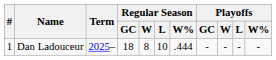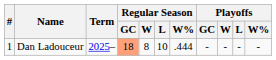 <table class="wikitable" style="text-align:center">
 <tr>
 <th rowspan="2">#</th>
 <th rowspan="2">Name</th>
 <th rowspan="2">Term</th>
 <th colspan="4">Regular Season</th>
 <th colspan="4">Playoffs</th>
 </tr>
 <tr>
 <th>GC</th>
 <th>W</th>
 <th>L</th>
 <th>W%</th>
 <th>GC</th>
 <th>W</th>
 <th>L</th>
 <th>W%</th>
 </tr>
 <tr>
 <td>1</td>
 <td>Dan Ladouceur</td>
 <td><a href='#'>2025</a>–</td>
-<td>18</td>
+<td style="background: lightsalmon;">18</td>
 <td>8</td>
 <td>10</td>
 <td>.444</td>
 <td>-</td>
 <td>-</td>
 <td>-</td>
 <td>-</td>
 </tr>
 </table>
